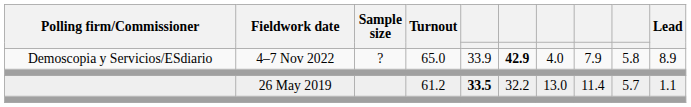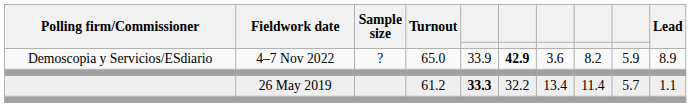 <table class="wikitable collapsible collapsed" style="text-align:center; font-size:95%; line-height:16px;">
 <tr style="height:42px;">
 <th style="width:250px;" rowspan="2">Polling firm/Commissioner</th>
 <th style="width:125px;" rowspan="2">Fieldwork date</th>
 <th style="width:50px;" rowspan="2">Sample size</th>
 <th style="width:45px;" rowspan="2">Turnout</th>
 <th style="width:35px;"></th>
 <th style="width:35px;"></th>
 <th style="width:35px;"></th>
 <th style="width:35px;"></th>
 <th style="width:35px;"></th>
 <th style="width:30px;" rowspan="2">Lead</th>
 </tr>
 <tr>
 <th style="color:inherit;background:"></th>
 <th style="color:inherit;background:"></th>
 <th style="color:inherit;background:"></th>
 <th style="color:inherit;background:"></th>
 <th style="color:inherit;background:"></th>
 </tr>
 <tr>
 <td>Demoscopia y Servicios/ESdiario</td>
 <td>4–7 Nov 2022</td>
 <td>?</td>
 <td>65.0</td>
 <td>33.9<br></td>
 <td><strong>42.9</strong><br></td>
-<td>4.0<br></td>
-<td>7.9<br></td>
-<td>5.8<br></td>
+<td>3.6<br></td>
+<td>8.2<br></td>
+<td>5.9<br></td>
 <td style="background:">8.9</td>
 </tr>
 <tr>
 <td colspan="10" style="background:#A0A0A0"></td>
 </tr>
 <tr style="background:#EFEFEF;">
 <td><strong></strong></td>
 <td>26 May 2019</td>
 <td></td>
 <td>61.2</td>
-<td><strong>33.5</strong><br></td>
+<td><strong>33.3</strong><br></td>
 <td>32.2<br></td>
-<td>13.0<br></td>
+<td>13.4<br></td>
 <td>11.4<br></td>
 <td>5.7<br></td>
 <td style="background:">1.1</td>
 </tr>
 <tr>
 <td colspan="10" style="background:#A0A0A0"></td>
 </tr>
 </table>
